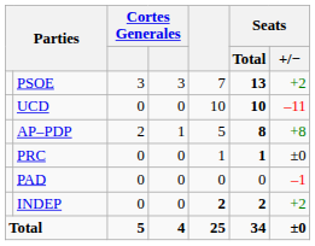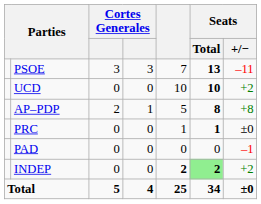 <table class="wikitable" style="text-align:right;">
 <tr>
 <th rowspan="2" colspan="2" width="100">Parties</th>
 <th colspan="2"><a href='#'>Cortes Generales</a></th>
 <th rowspan="2" width="35"><a href='#'></a></th>
 <th colspan="2">Seats</th>
 </tr>
 <tr>
 <th width="35"></th>
 <th width="35"></th>
 <th width="35">Total</th>
 <th width="35">+/−</th>
 </tr>
 <tr>
 <td style="color:inherit;background:"></td>
 <td align="left"><a href='#'>PSOE</a></td>
 <td>3</td>
 <td>3</td>
 <td>7</td>
 <td><strong>13</strong></td>
-<td style="color:green;">+2</td>
+<td style="color:red;">–11</td>
 </tr>
 <tr>
 <td width="1" style="color:inherit;background:"></td>
 <td align="left"><a href='#'>UCD</a></td>
 <td>0</td>
 <td>0</td>
 <td>10</td>
 <td><strong>10</strong></td>
-<td style="color:red;">–11</td>
+<td style="color:green;">+2</td>
 </tr>
 <tr>
 <td style="color:inherit;background:"></td>
 <td align="left"><a href='#'>AP–PDP</a></td>
 <td>2</td>
 <td>1</td>
 <td>5</td>
 <td><strong>8</strong></td>
 <td style="color:green;">+8</td>
 </tr>
 <tr>
 <td style="color:inherit;background:"></td>
 <td align="left"><a href='#'>PRC</a></td>
 <td>0</td>
 <td>0</td>
 <td>1</td>
 <td><strong>1</strong></td>
 <td>±0</td>
 </tr>
 <tr>
 <td style="color:inherit;background:"></td>
 <td align="left"><a href='#'>PAD</a></td>
 <td>0</td>
 <td>0</td>
 <td>0</td>
 <td>0</td>
 <td style="color:red;">–1</td>
 </tr>
 <tr>
 <td style="color:inherit;background:"></td>
 <td align="left"><a href='#'>INDEP</a></td>
 <td>0</td>
 <td>0</td>
 <td><strong>2</strong></td>
-<td><strong>2</strong></td>
+<td style="background: lightgreen;"><strong>2</strong></td>
 <td style="color:green;">+2</td>
 </tr>
 <tr style="font-weight:bold;">
 <td align="left" colspan="2">Total</td>
 <td>5</td>
 <td>4</td>
 <td>25</td>
 <td>34</td>
 <td>±0</td>
 </tr>
 </table>
